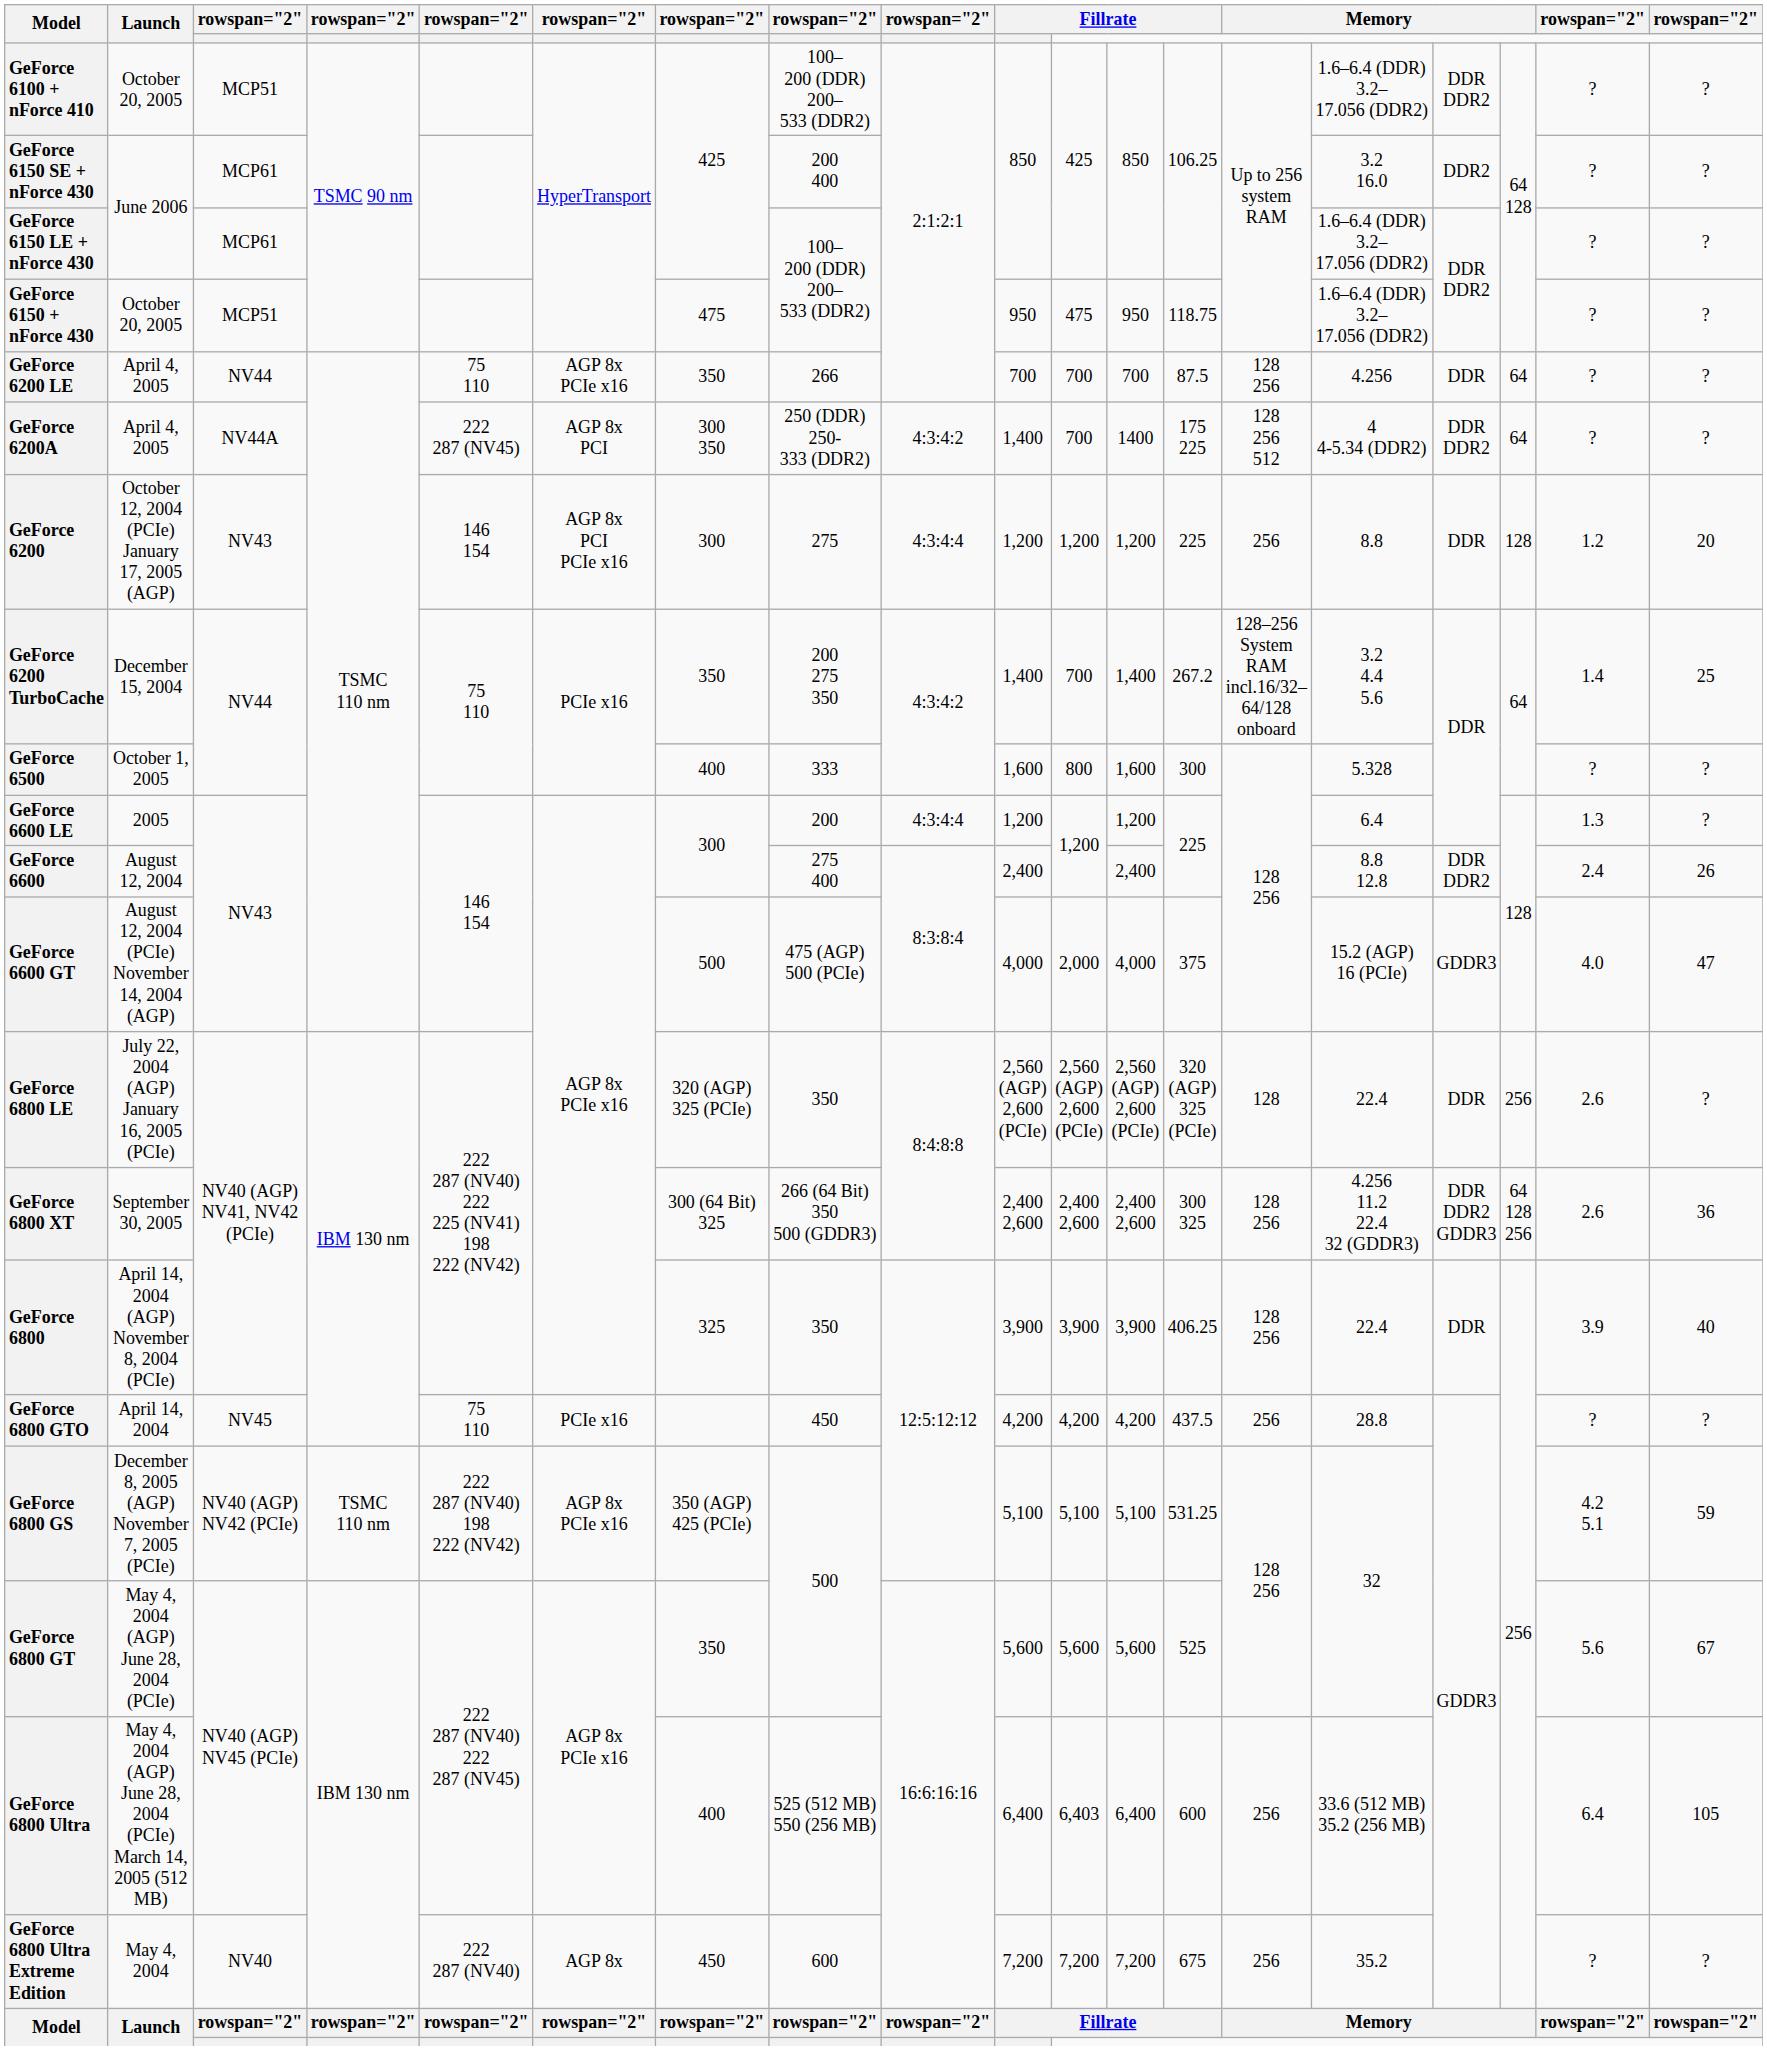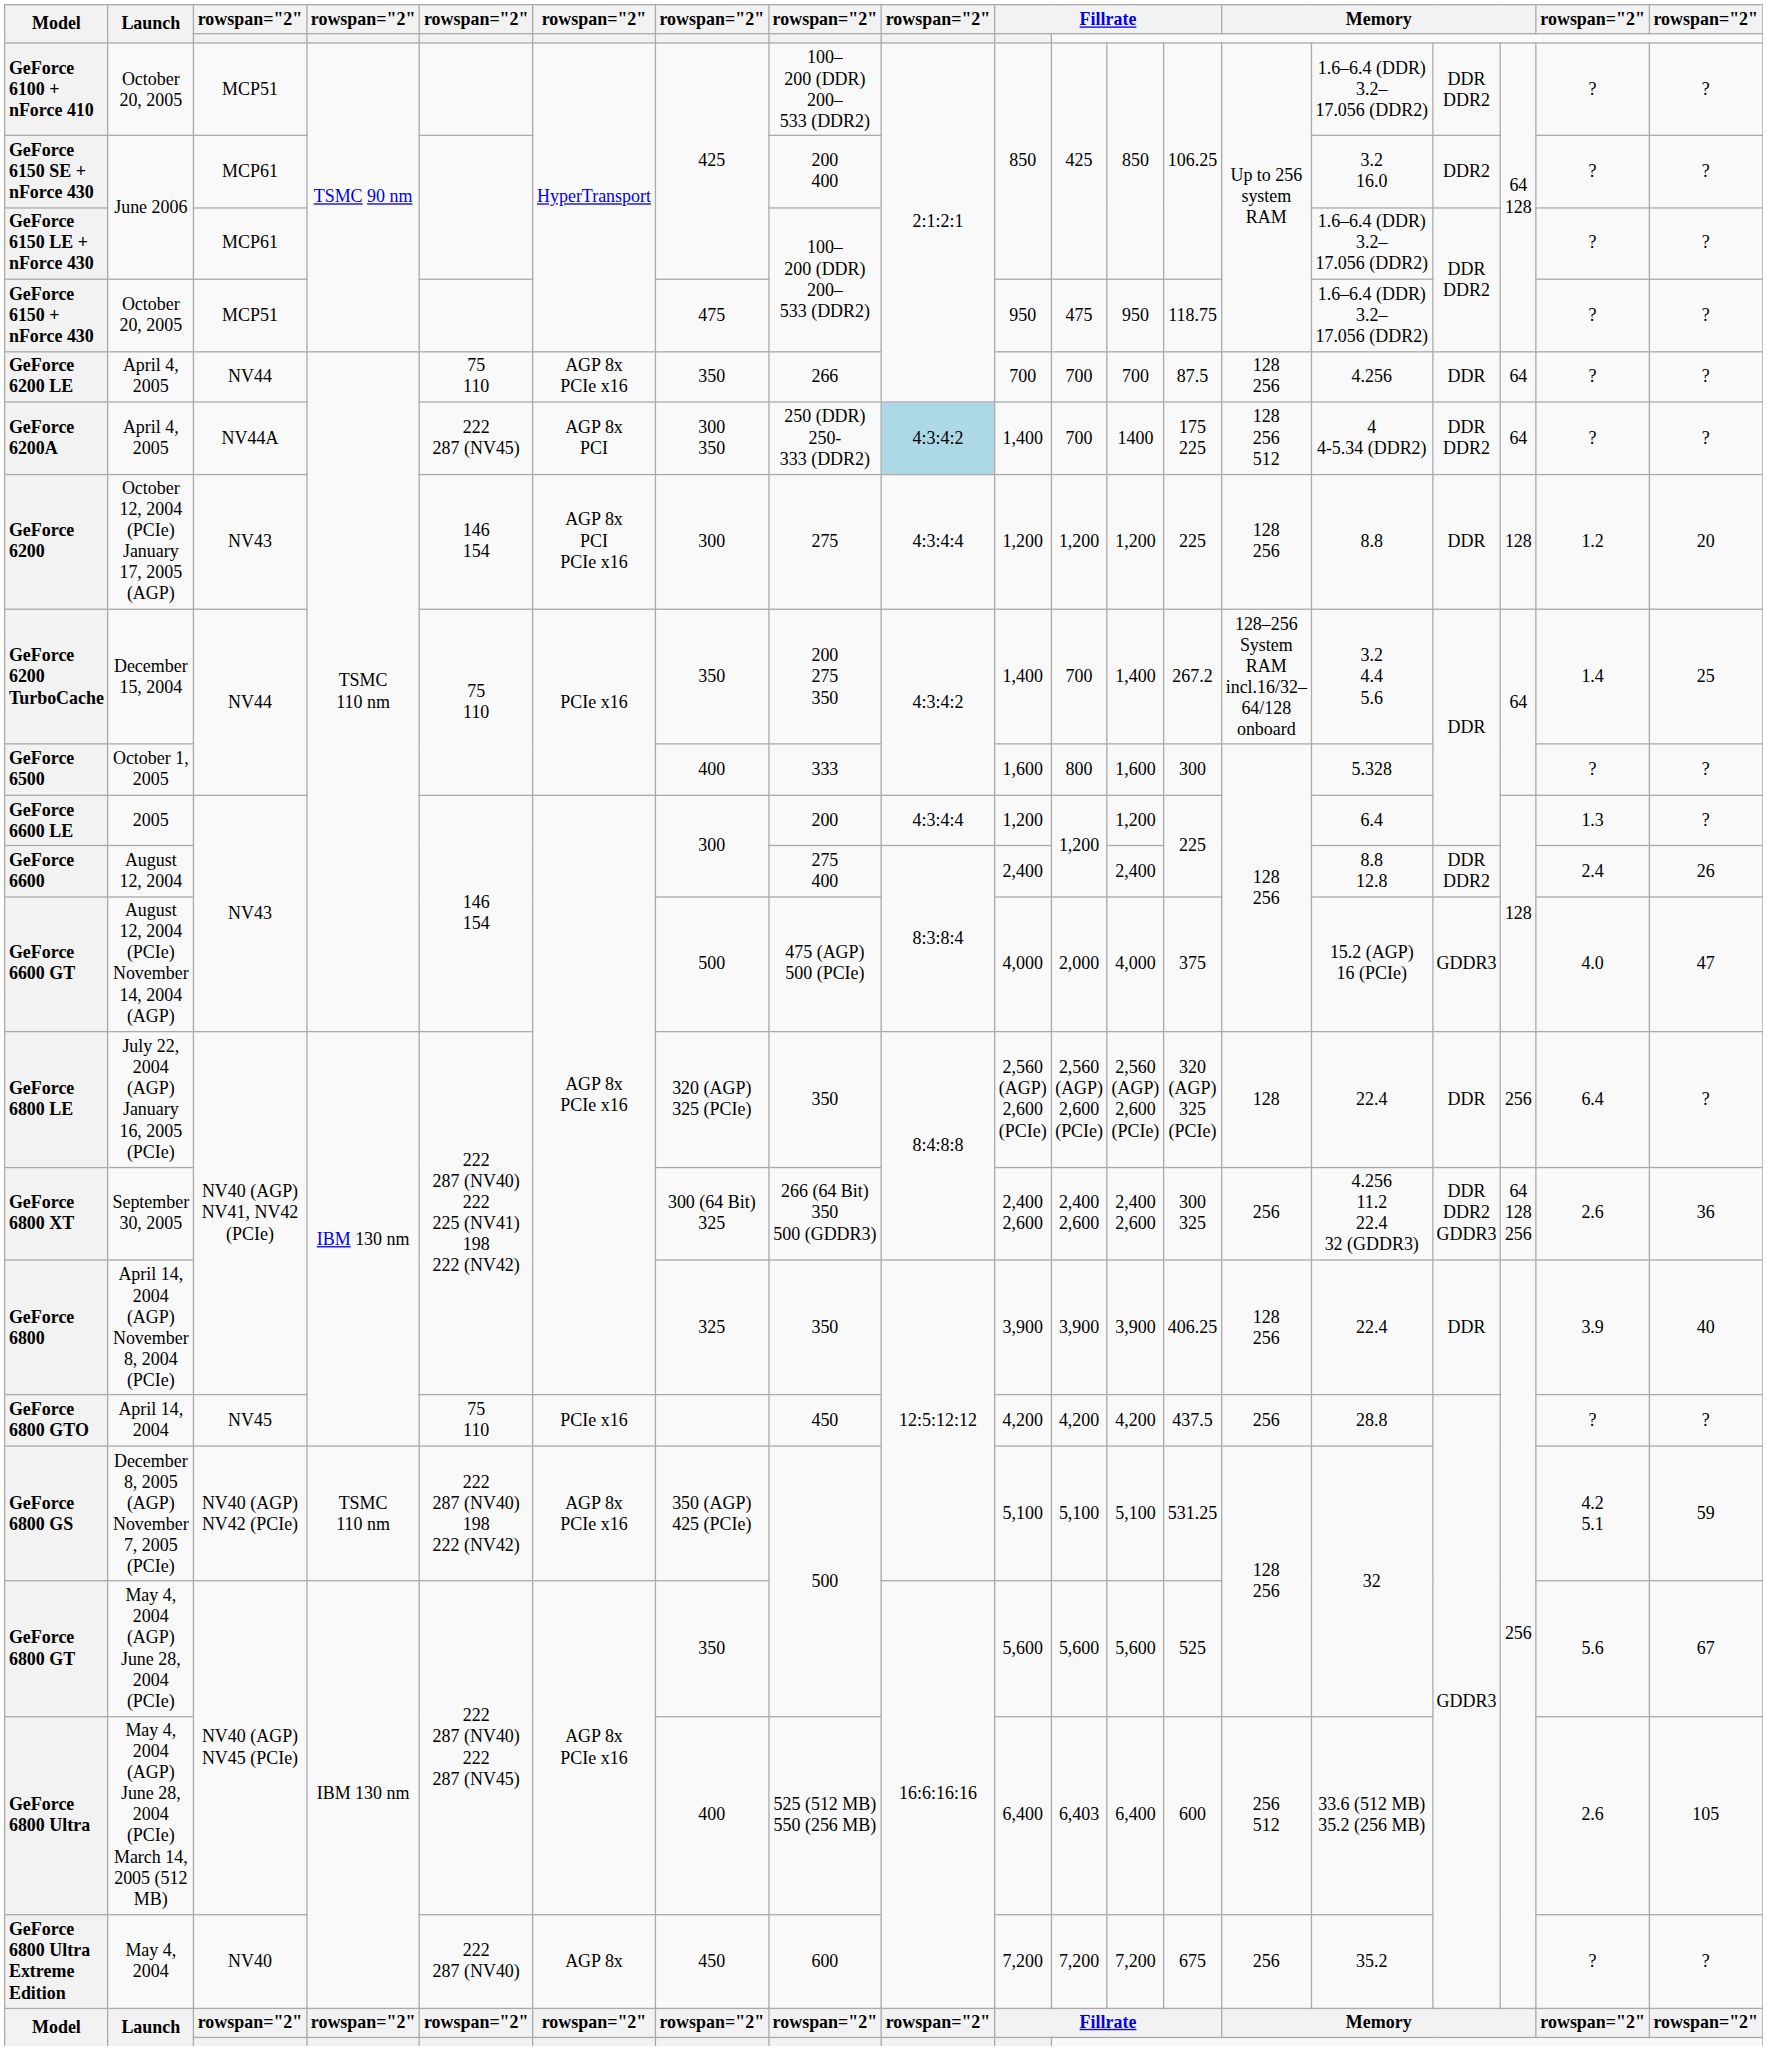 <table class="mw-datatable wikitable sortable" style="font-size:85%; text-align:center;">
 <tr>
 <th rowspan="2">Model</th>
 <th rowspan="2">Launch</th>
 <th>rowspan="2" </th>
 <th>rowspan="2" </th>
 <th>rowspan="2" </th>
 <th>rowspan="2" </th>
 <th>rowspan="2" </th>
 <th>rowspan="2" </th>
 <th>rowspan="2" </th>
 <th colspan="4"><a href='#'>Fillrate</a></th>
 <th colspan="4">Memory</th>
 <th>rowspan="2" </th>
 <th>rowspan="2" </th>
 </tr>
 <tr>
 <th></th>
 <th></th>
 <th></th>
 <th></th>
 <th></th>
 <th></th>
 <th></th>
 <th></th>
 </tr>
 <tr>
 <th style="text-align:left">GeForce 6100 + nForce 410</th>
 <td>October 20, 2005</td>
 <td>MCP51</td>
 <td rowspan="4"><a href='#'>TSMC</a> <a href='#'>90&nbsp;nm</a></td>
 <td></td>
 <td rowspan="4"><a href='#'>HyperTransport</a></td>
 <td rowspan="3">425</td>
 <td>100–200 (DDR)<br>200–533 (DDR2)</td>
 <td rowspan="5">2:1:2:1</td>
 <td rowspan="3">850</td>
 <td rowspan="3">425</td>
 <td rowspan="3">850</td>
 <td rowspan="3">106.25</td>
 <td rowspan="4">Up to 256 system RAM</td>
 <td>1.6–6.4 (DDR)<br>3.2–17.056 (DDR2)</td>
 <td>DDR<br>DDR2</td>
 <td rowspan="4">64<br>128</td>
 <td>?</td>
 <td>?</td>
 </tr>
 <tr>
 <th style="text-align:left">GeForce 6150 SE + nForce 430</th>
 <td rowspan="2">June 2006</td>
 <td>MCP61</td>
 <td rowspan="2"></td>
 <td>200<br>400</td>
 <td>3.2<br>16.0</td>
 <td>DDR2</td>
 <td>?</td>
 <td>?</td>
 </tr>
 <tr>
 <th style="text-align:left">GeForce 6150 LE + nForce 430</th>
 <td>MCP61</td>
 <td rowspan="2">100–200 (DDR)<br>200–533 (DDR2)</td>
 <td>1.6–6.4 (DDR)<br>3.2–17.056 (DDR2)</td>
 <td rowspan="2">DDR<br>DDR2</td>
 <td>?</td>
 <td>?</td>
 </tr>
 <tr>
 <th style="text-align:left">GeForce 6150 + nForce 430</th>
 <td>October 20, 2005</td>
 <td>MCP51</td>
 <td></td>
 <td>475</td>
 <td>950</td>
 <td>475</td>
 <td>950</td>
 <td>118.75</td>
 <td>1.6–6.4 (DDR)<br>3.2–17.056 (DDR2)</td>
 <td>?</td>
 <td>?</td>
 </tr>
 <tr>
 <th style="text-align:left">GeForce 6200 LE</th>
 <td>April 4, 2005</td>
 <td>NV44</td>
 <td rowspan="8">TSMC 110 nm</td>
 <td>75<br>110</td>
 <td>AGP 8x<br>PCIe x16</td>
 <td>350</td>
 <td>266</td>
 <td>700</td>
 <td>700</td>
 <td>700</td>
 <td>87.5</td>
 <td>128<br>256</td>
 <td>4.256</td>
 <td>DDR</td>
 <td>64</td>
 <td>?</td>
 <td>?</td>
 </tr>
 <tr>
 <th style="text-align:left">GeForce 6200A</th>
 <td>April 4, 2005</td>
 <td>NV44A</td>
 <td>222<br>287 (NV45)</td>
 <td>AGP 8x<br>PCI</td>
 <td>300<br>350</td>
 <td>250 (DDR)<br>250-333 (DDR2)</td>
-<td>4:3:4:2</td>
+<td style="background: lightblue;">4:3:4:2</td>
 <td>1,400</td>
 <td>700</td>
 <td>1400</td>
 <td>175<br>225</td>
 <td>128<br>256<br>512</td>
 <td>4<br>4-5.34 (DDR2)</td>
 <td>DDR<br>DDR2</td>
 <td>64</td>
 <td>?</td>
 <td>?</td>
 </tr>
 <tr>
 <th style="text-align:left">GeForce 6200</th>
 <td>October 12, 2004 (PCIe)<br>January 17, 2005 (AGP)</td>
 <td>NV43</td>
 <td>146<br>154</td>
 <td>AGP 8x<br>PCI<br>PCIe x16</td>
 <td>300</td>
 <td>275</td>
 <td>4:3:4:4</td>
 <td>1,200</td>
 <td>1,200</td>
 <td>1,200</td>
 <td>225</td>
-<td>256</td>
+<td>128<br>256</td>
 <td>8.8</td>
 <td>DDR</td>
 <td>128</td>
 <td>1.2</td>
 <td>20</td>
 </tr>
 <tr>
 <th style="text-align:left">GeForce 6200 TurboCache</th>
 <td>December 15, 2004</td>
 <td rowspan="2">NV44</td>
 <td rowspan="2">75<br>110</td>
 <td rowspan="2">PCIe x16</td>
 <td>350</td>
 <td>200<br>275<br>350</td>
 <td rowspan="2">4:3:4:2</td>
 <td>1,400</td>
 <td>700</td>
 <td>1,400</td>
 <td>267.2</td>
 <td>128–256 System RAM incl.16/32–64/128 onboard</td>
 <td>3.2<br>4.4<br>5.6</td>
 <td rowspan="3">DDR</td>
 <td rowspan="2">64</td>
 <td>1.4</td>
 <td>25</td>
 </tr>
 <tr>
 <th style="text-align:left">GeForce 6500</th>
 <td>October 1, 2005</td>
 <td>400</td>
 <td>333</td>
 <td>1,600</td>
 <td>800</td>
 <td>1,600</td>
 <td>300</td>
 <td rowspan="4">128<br>256</td>
 <td>5.328</td>
 <td>?</td>
 <td>?</td>
 </tr>
 <tr>
 <th style="text-align:left">GeForce 6600 LE</th>
 <td>2005</td>
 <td rowspan="3">NV43</td>
 <td rowspan="3">146<br>154</td>
 <td rowspan="6">AGP 8x<br>PCIe x16</td>
 <td rowspan="2">300</td>
 <td>200</td>
 <td>4:3:4:4</td>
 <td>1,200</td>
 <td rowspan="2">1,200</td>
 <td>1,200</td>
 <td rowspan="2">225</td>
 <td>6.4</td>
 <td rowspan="3">128</td>
 <td>1.3</td>
 <td>?</td>
 </tr>
 <tr>
 <th style="text-align:left">GeForce 6600</th>
 <td>August 12, 2004</td>
 <td>275<br>400</td>
 <td rowspan="2">8:3:8:4</td>
 <td>2,400</td>
 <td>2,400</td>
 <td>8.8<br>12.8</td>
 <td>DDR<br>DDR2</td>
 <td>2.4</td>
 <td>26</td>
 </tr>
 <tr>
 <th style="text-align:left">GeForce 6600 GT</th>
 <td>August 12, 2004 (PCIe)<br>November 14, 2004 (AGP)</td>
 <td>500</td>
 <td>475 (AGP)<br>500 (PCIe)</td>
 <td>4,000</td>
 <td>2,000</td>
 <td>4,000</td>
 <td>375</td>
 <td>15.2 (AGP)<br>16 (PCIe)</td>
 <td>GDDR3</td>
 <td>4.0</td>
 <td>47</td>
 </tr>
 <tr>
 <th style="text-align:left">GeForce 6800 LE</th>
 <td>July 22, 2004 (AGP)<br>January 16, 2005 (PCIe)</td>
 <td rowspan="3">NV40 (AGP)<br>NV41, NV42 (PCIe)</td>
 <td rowspan="4"><a href='#'>IBM</a> 130 nm</td>
 <td rowspan="3">222<br>287 (NV40)<br>222<br>225 (NV41)<br>198<br>222 (NV42)</td>
 <td>320 (AGP)<br>325 (PCIe)</td>
 <td>350</td>
 <td rowspan="2">8:4:8:8</td>
 <td>2,560 (AGP)<br>2,600 (PCIe)</td>
 <td>2,560 (AGP)<br>2,600 (PCIe)</td>
 <td>2,560 (AGP)<br>2,600 (PCIe)</td>
 <td>320 (AGP)<br>325 (PCIe)</td>
 <td>128</td>
 <td>22.4</td>
 <td>DDR</td>
 <td>256</td>
-<td>2.6</td>
+<td>6.4</td>
 <td>?</td>
 </tr>
 <tr>
 <th style="text-align:left">GeForce 6800 XT</th>
 <td>September 30, 2005</td>
 <td>300 (64 Bit)<br>325</td>
 <td>266 (64 Bit)<br>350<br>500 (GDDR3)</td>
 <td>2,400<br>2,600</td>
 <td>2,400<br>2,600</td>
 <td>2,400<br>2,600</td>
 <td>300<br>325</td>
-<td>128<br>256</td>
+<td>256</td>
 <td>4.256<br>11.2<br>22.4<br>32 (GDDR3)</td>
 <td>DDR<br>DDR2<br>GDDR3</td>
 <td>64<br>128<br>256</td>
 <td>2.6</td>
 <td>36</td>
 </tr>
 <tr>
 <th style="text-align:left">GeForce 6800</th>
 <td>April 14, 2004 (AGP)<br>November 8, 2004 (PCIe)</td>
 <td>325</td>
 <td>350</td>
 <td rowspan="3">12:5:12:12</td>
 <td>3,900</td>
 <td>3,900</td>
 <td>3,900</td>
 <td>406.25</td>
 <td>128<br>256</td>
 <td>22.4</td>
 <td>DDR</td>
 <td rowspan="6">256</td>
 <td>3.9</td>
 <td>40</td>
 </tr>
 <tr>
 <th style="text-align:left">GeForce 6800 GTO</th>
 <td>April 14, 2004</td>
 <td>NV45</td>
 <td>75<br>110</td>
 <td>PCIe x16</td>
 <td></td>
 <td>450</td>
 <td>4,200</td>
 <td>4,200</td>
 <td>4,200</td>
 <td>437.5</td>
 <td>256</td>
 <td>28.8</td>
 <td rowspan="5">GDDR3</td>
 <td>?</td>
 <td>?</td>
 </tr>
 <tr>
 <th style="text-align:left">GeForce 6800 GS</th>
 <td>December 8, 2005 (AGP)<br>November 7, 2005 (PCIe)</td>
 <td>NV40 (AGP)<br>NV42 (PCIe)</td>
 <td>TSMC 110 nm</td>
 <td>222<br>287 (NV40)<br>198<br>222 (NV42)</td>
 <td>AGP 8x<br>PCIe x16</td>
 <td>350 (AGP)<br>425 (PCIe)</td>
 <td rowspan="2">500</td>
 <td>5,100</td>
 <td>5,100</td>
 <td>5,100</td>
 <td>531.25</td>
 <td rowspan="2">128<br>256</td>
 <td rowspan="2">32</td>
 <td>4.2<br>5.1</td>
 <td>59</td>
 </tr>
 <tr>
 <th style="text-align:left">GeForce 6800 GT</th>
 <td>May 4, 2004 (AGP)<br>June 28, 2004 (PCIe)</td>
 <td rowspan="2">NV40 (AGP)<br>NV45 (PCIe)</td>
 <td rowspan="3">IBM 130 nm</td>
 <td rowspan="2">222<br>287 (NV40)<br>222<br>287 (NV45)</td>
 <td rowspan="2">AGP 8x<br>PCIe x16</td>
 <td>350</td>
 <td rowspan="3">16:6:16:16</td>
 <td>5,600</td>
 <td>5,600</td>
 <td>5,600</td>
 <td>525</td>
 <td>5.6</td>
 <td>67</td>
 </tr>
 <tr>
 <th style="text-align:left">GeForce 6800 Ultra</th>
 <td>May 4, 2004 (AGP)<br>June 28, 2004 (PCIe)<br>March 14, 2005 (512 MB)</td>
 <td>400</td>
 <td>525 (512 MB)<br>550 (256 MB)</td>
 <td>6,400</td>
 <td>6,403</td>
 <td>6,400</td>
 <td>600</td>
-<td>256</td>
+<td>256<br>512</td>
 <td>33.6 (512 MB)<br>35.2 (256 MB)</td>
-<td>6.4</td>
+<td>2.6</td>
 <td>105</td>
 </tr>
 <tr>
 <th style="text-align:left">GeForce 6800 Ultra Extreme Edition</th>
 <td>May 4, 2004</td>
 <td>NV40</td>
 <td>222<br>287 (NV40)</td>
 <td>AGP 8x</td>
 <td>450</td>
 <td>600</td>
 <td>7,200</td>
 <td>7,200</td>
 <td>7,200</td>
 <td>675</td>
 <td>256</td>
 <td>35.2</td>
 <td>?</td>
 <td>?</td>
 </tr>
 <tr>
 <th rowspan="2">Model</th>
 <th rowspan="2">Launch</th>
 <th>rowspan="2" </th>
 <th>rowspan="2" </th>
 <th>rowspan="2" </th>
 <th>rowspan="2" </th>
 <th>rowspan="2" </th>
 <th>rowspan="2" </th>
 <th>rowspan="2" </th>
 <th colspan="4"><a href='#'>Fillrate</a></th>
 <th colspan="4">Memory</th>
 <th>rowspan="2" </th>
 <th>rowspan="2" </th>
 </tr>
 <tr>
 <th></th>
 <th></th>
 <th></th>
 <th></th>
 <th></th>
 <th></th>
 <th></th>
 <th></th>
 </tr>
 </table>
